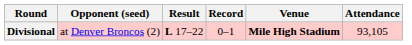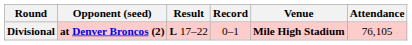 <table class="wikitable" style="text-align:center;">
 <tr>
 <th>Round</th>
 <th>Opponent (seed)</th>
 <th>Result</th>
 <th>Record</th>
 <th>Venue</th>
 <th>Attendance</th>
 </tr>
 <tr style="background:#fcc">
 <th>Divisional</th>
-<td>at <a href='#'>Denver Broncos</a> (2)</td>
+<td><strong>at <a href='#'>Denver Broncos</a> (2)</strong></td>
 <td><strong>L</strong> 17–22</td>
 <td>0–1</td>
 <td><strong>Mile High Stadium</strong></td>
-<td>93,105</td>
+<td>76,105</td>
 </tr>
 </table>
